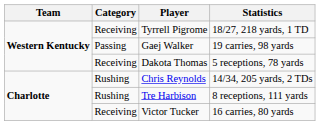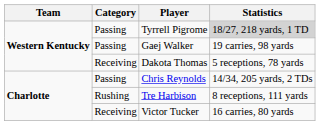 <table class="wikitable" style="float: left;">
 <tr>
 <th>Team</th>
 <th>Category</th>
 <th>Player</th>
 <th>Statistics</th>
 </tr>
 <tr>
 <td rowspan=3><strong>Western Kentucky</strong></td>
-<td>Receiving</td>
+<td>Passing</td>
 <td>Tyrrell Pigrome</td>
-<td>18/27, 218 yards, 1 TD</td>
+<td style="background: lightgrey;">18/27, 218 yards, 1 TD</td>
 </tr>
 <tr>
 <td>Passing</td>
 <td>Gaej Walker</td>
 <td>19 carries, 98 yards</td>
 </tr>
 <tr>
 <td>Receiving</td>
 <td>Dakota Thomas</td>
 <td>5 receptions, 78 yards</td>
 </tr>
 <tr>
 <td rowspan=3><strong>Charlotte</strong></td>
-<td>Rushing</td>
+<td>Passing</td>
 <td><a href='#'>Chris Reynolds</a></td>
 <td>14/34, 205 yards, 2 TDs</td>
 </tr>
 <tr>
 <td>Rushing</td>
 <td><a href='#'>Tre Harbison</a></td>
 <td>8 receptions, 111 yards</td>
 </tr>
 <tr>
 <td>Receiving</td>
 <td>Victor Tucker</td>
 <td>16 carries, 80 yards</td>
 </tr>
 </table>
